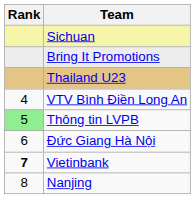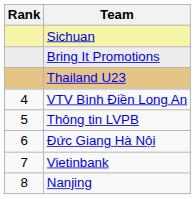 <table class="wikitable" style="text-align: center;">
 <tr>
 <th width=40>Rank</th>
 <th>Team</th>
 </tr>
 <tr bgcolor=#f7f6a8>
 <td></td>
 <td align=left> <a href='#'>Sichuan</a></td>
 </tr>
 <tr bgcolor=#ededed>
 <td></td>
 <td align=left> <a href='#'>Bring It Promotions</a></td>
 </tr>
 <tr bgcolor=#e5c585>
 <td></td>
 <td align=left> <a href='#'>Thailand U23</a></td>
 </tr>
 <tr>
 <td>4</td>
 <td align=left> <a href='#'>VTV Bình Điền Long An</a></td>
 </tr>
 <tr>
-<td style="background: lightgreen;">5</td>
+<td>5</td>
 <td align=left> <a href='#'>Thông tin LVPB</a></td>
 </tr>
 <tr>
 <td>6</td>
 <td align=left> <a href='#'>Đức Giang Hà Nội</a></td>
 </tr>
 <tr>
-<td><strong>7</strong></td>
+<td>7</td>
 <td align=left> <a href='#'>Vietinbank</a></td>
 </tr>
 <tr>
 <td>8</td>
 <td align=left> <a href='#'>Nanjing</a></td>
 </tr>
 </table>
